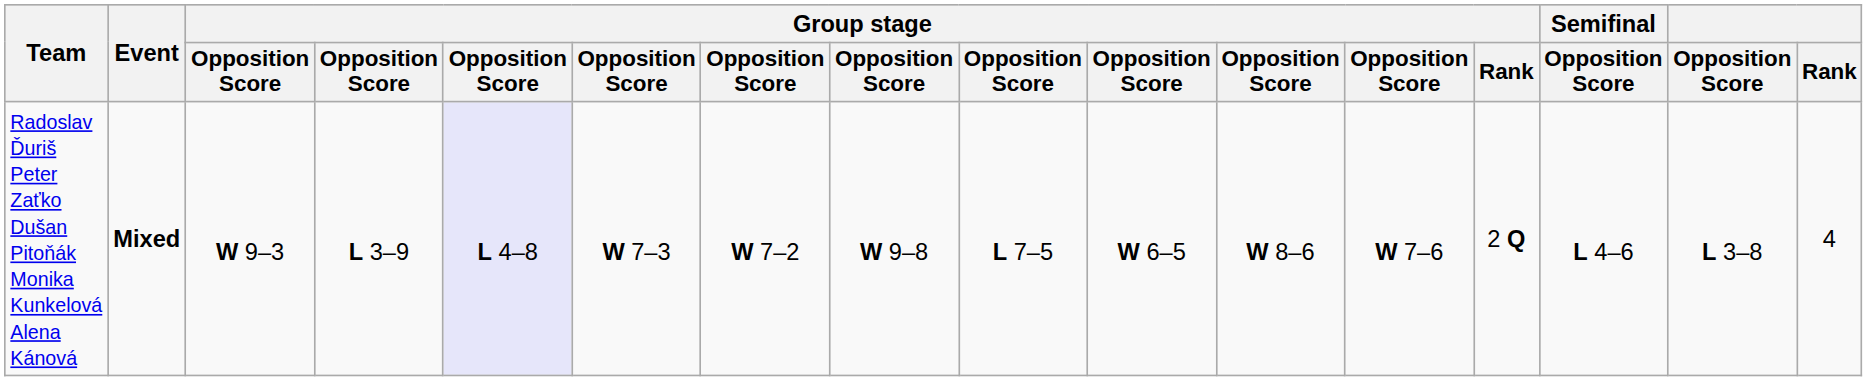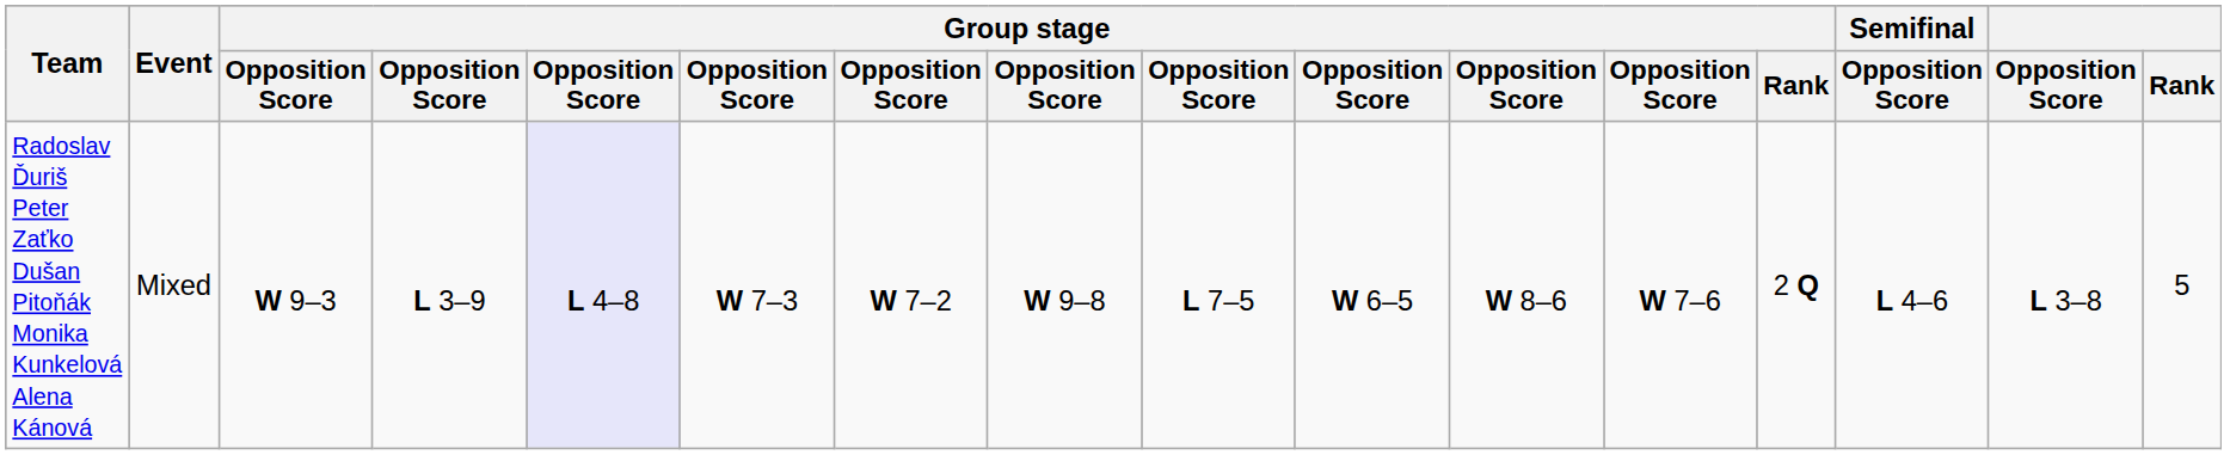 <table class=wikitable style="font-size:90%">
 <tr>
 <th rowspan=2>Team</th>
 <th rowspan=2>Event</th>
 <th colspan=11>Group stage</th>
 <th>Semifinal</th>
 <th colspan=2></th>
 </tr>
 <tr style="font-size:95%">
 <th>Opposition<br>Score</th>
 <th>Opposition<br>Score</th>
 <th>Opposition<br>Score</th>
 <th>Opposition<br>Score</th>
 <th>Opposition<br>Score</th>
 <th>Opposition<br>Score</th>
 <th>Opposition<br>Score</th>
 <th>Opposition<br>Score</th>
 <th>Opposition<br>Score</th>
 <th>Opposition<br>Score</th>
 <th>Rank</th>
 <th>Opposition<br>Score</th>
 <th>Opposition<br>Score</th>
 <th>Rank</th>
 </tr>
 <tr align="center">
 <td align="left"><small><a href='#'>Radoslav Ďuriš</a><br><a href='#'>Peter Zaťko</a><br><a href='#'>Dušan Pitoňák</a><br><a href='#'>Monika Kunkelová</a><br><a href='#'>Alena Kánová</a></small></td>
-<td><strong>Mixed</strong></td>
+<td>Mixed</td>
 <td><br><strong>W</strong> 9–3</td>
 <td><br><strong>L</strong> 3–9</td>
 <td style="background: lavender;"><br><strong>L</strong> 4–8</td>
 <td><br><strong>W</strong> 7–3</td>
 <td><br><strong>W</strong> 7–2</td>
 <td><br><strong>W</strong> 9–8</td>
 <td><br><strong>L</strong> 7–5</td>
 <td><br><strong>W</strong> 6–5</td>
 <td><br><strong>W</strong> 8–6</td>
 <td><br><strong>W</strong> 7–6</td>
 <td>2 <strong>Q</strong></td>
 <td><br><strong>L</strong> 4–6</td>
 <td><br><strong>L</strong> 3–8</td>
-<td>4</td>
+<td>5</td>
 </tr>
 </table>
